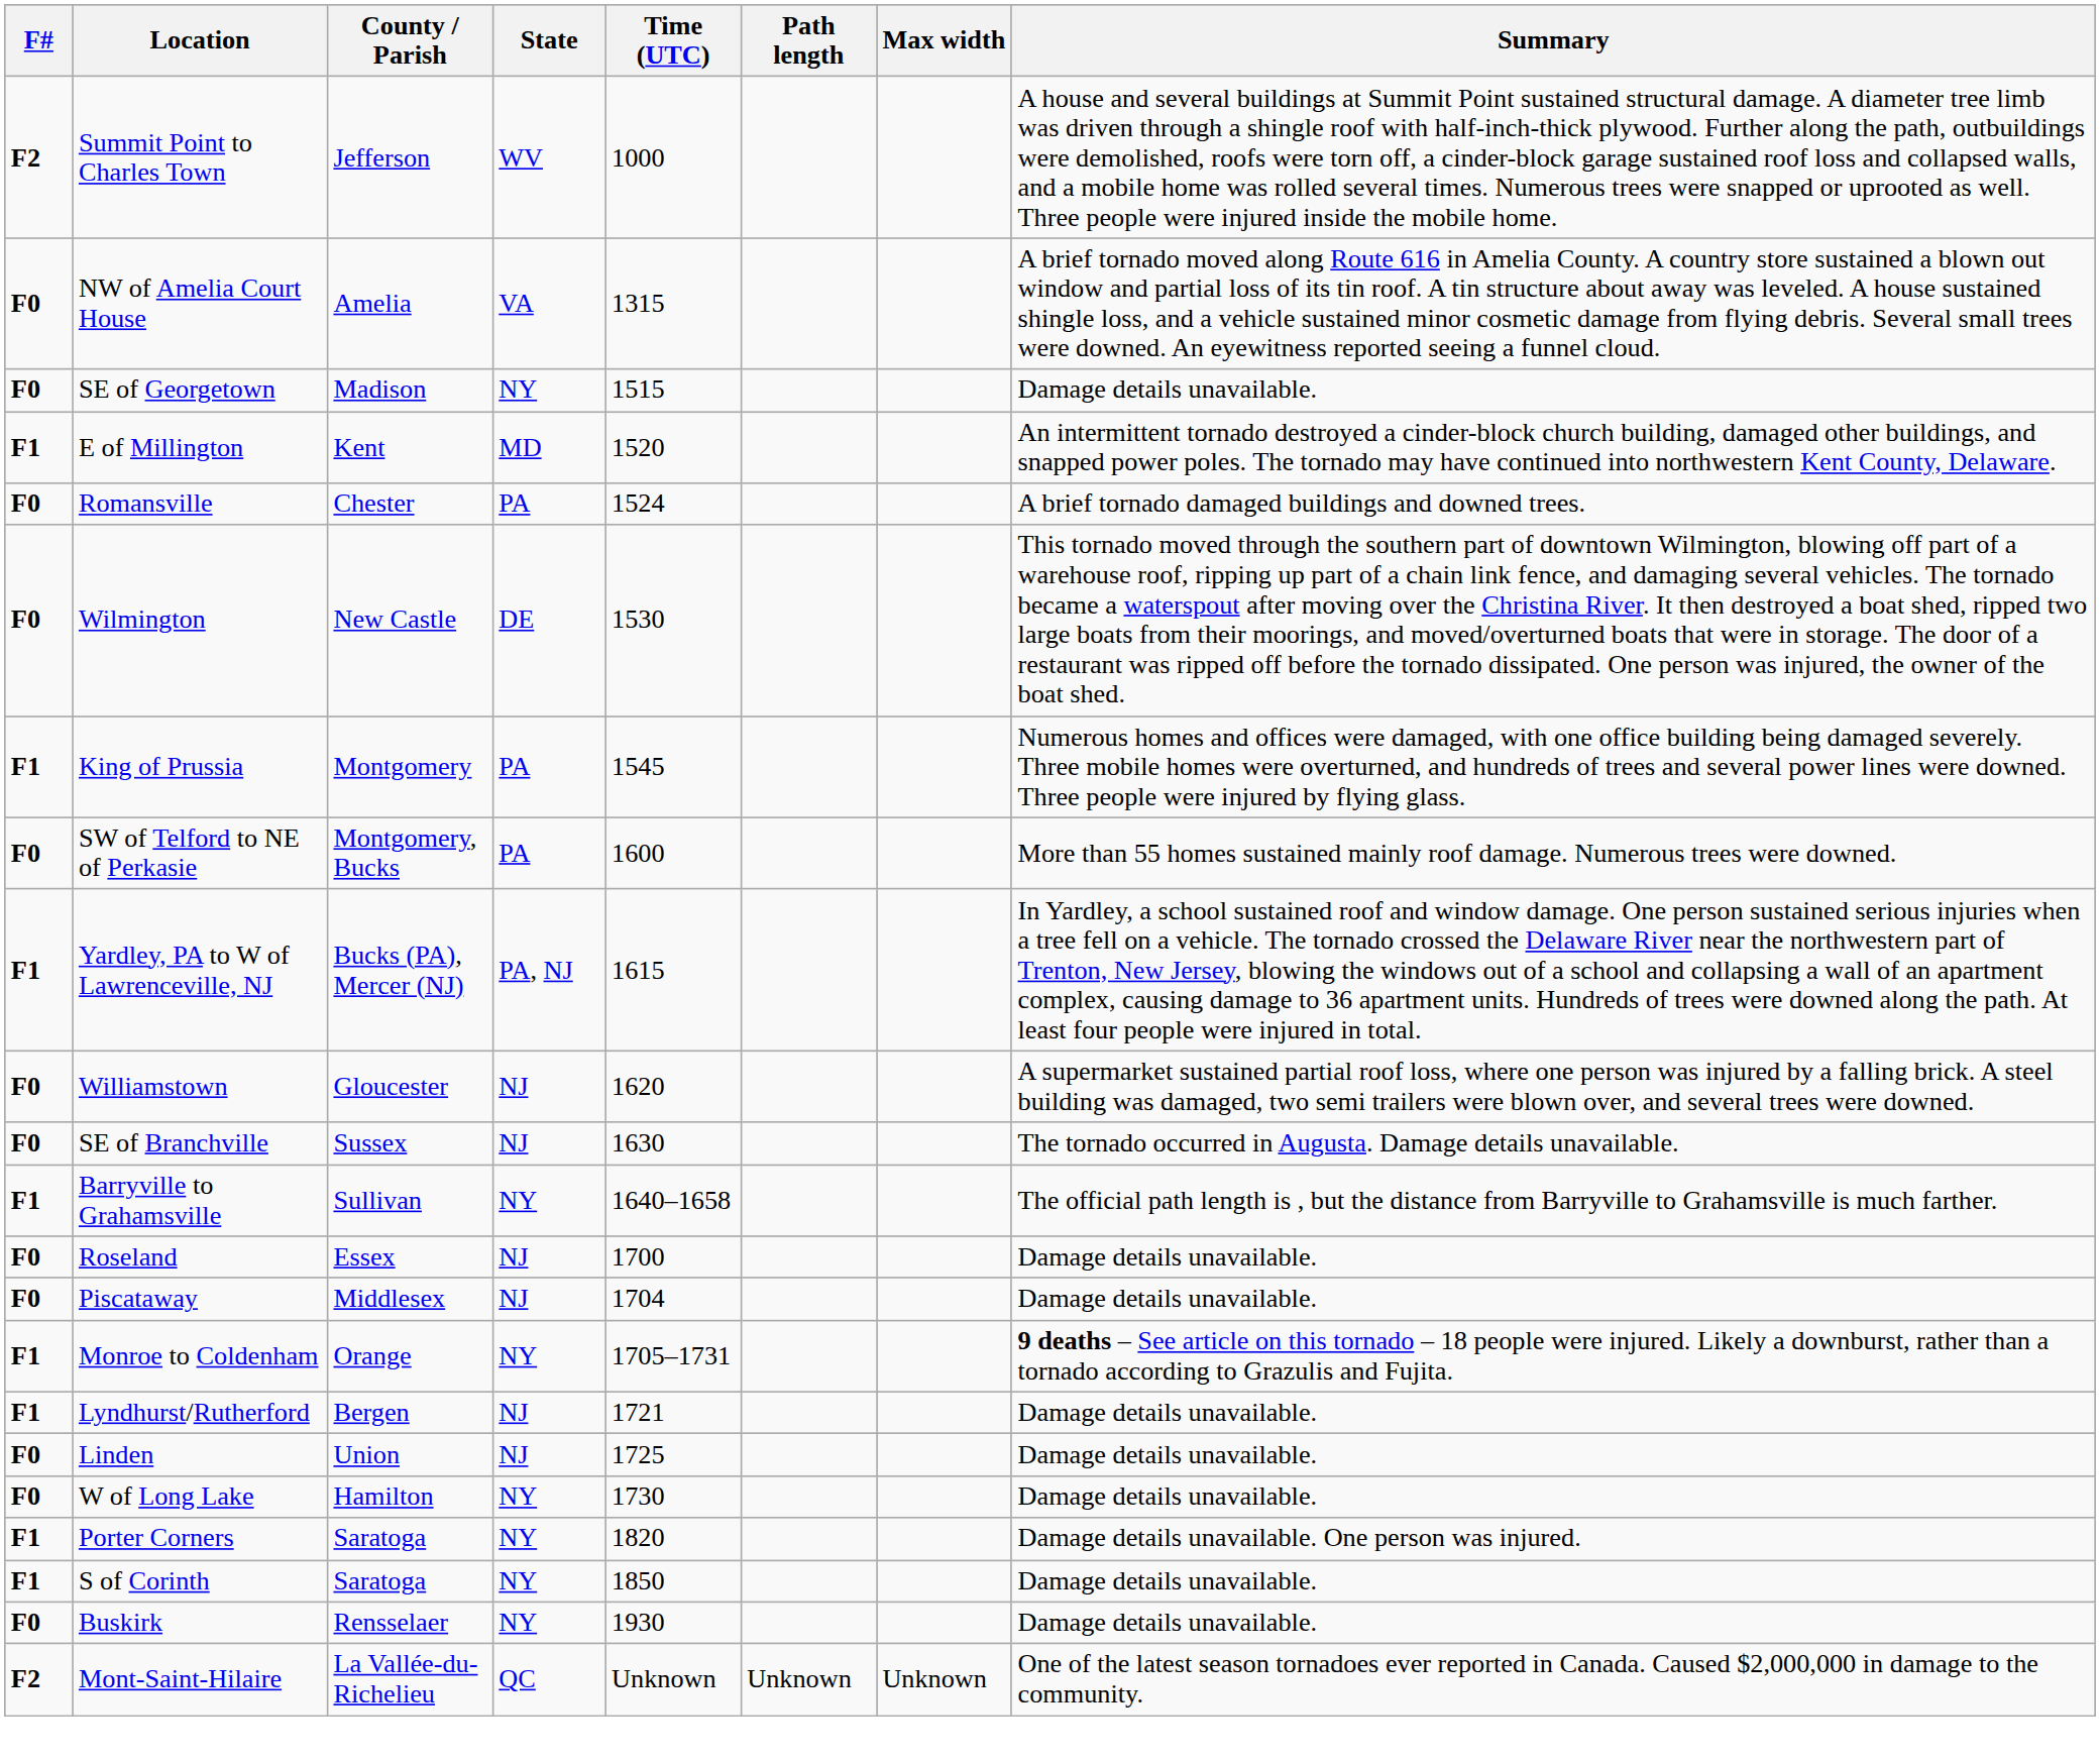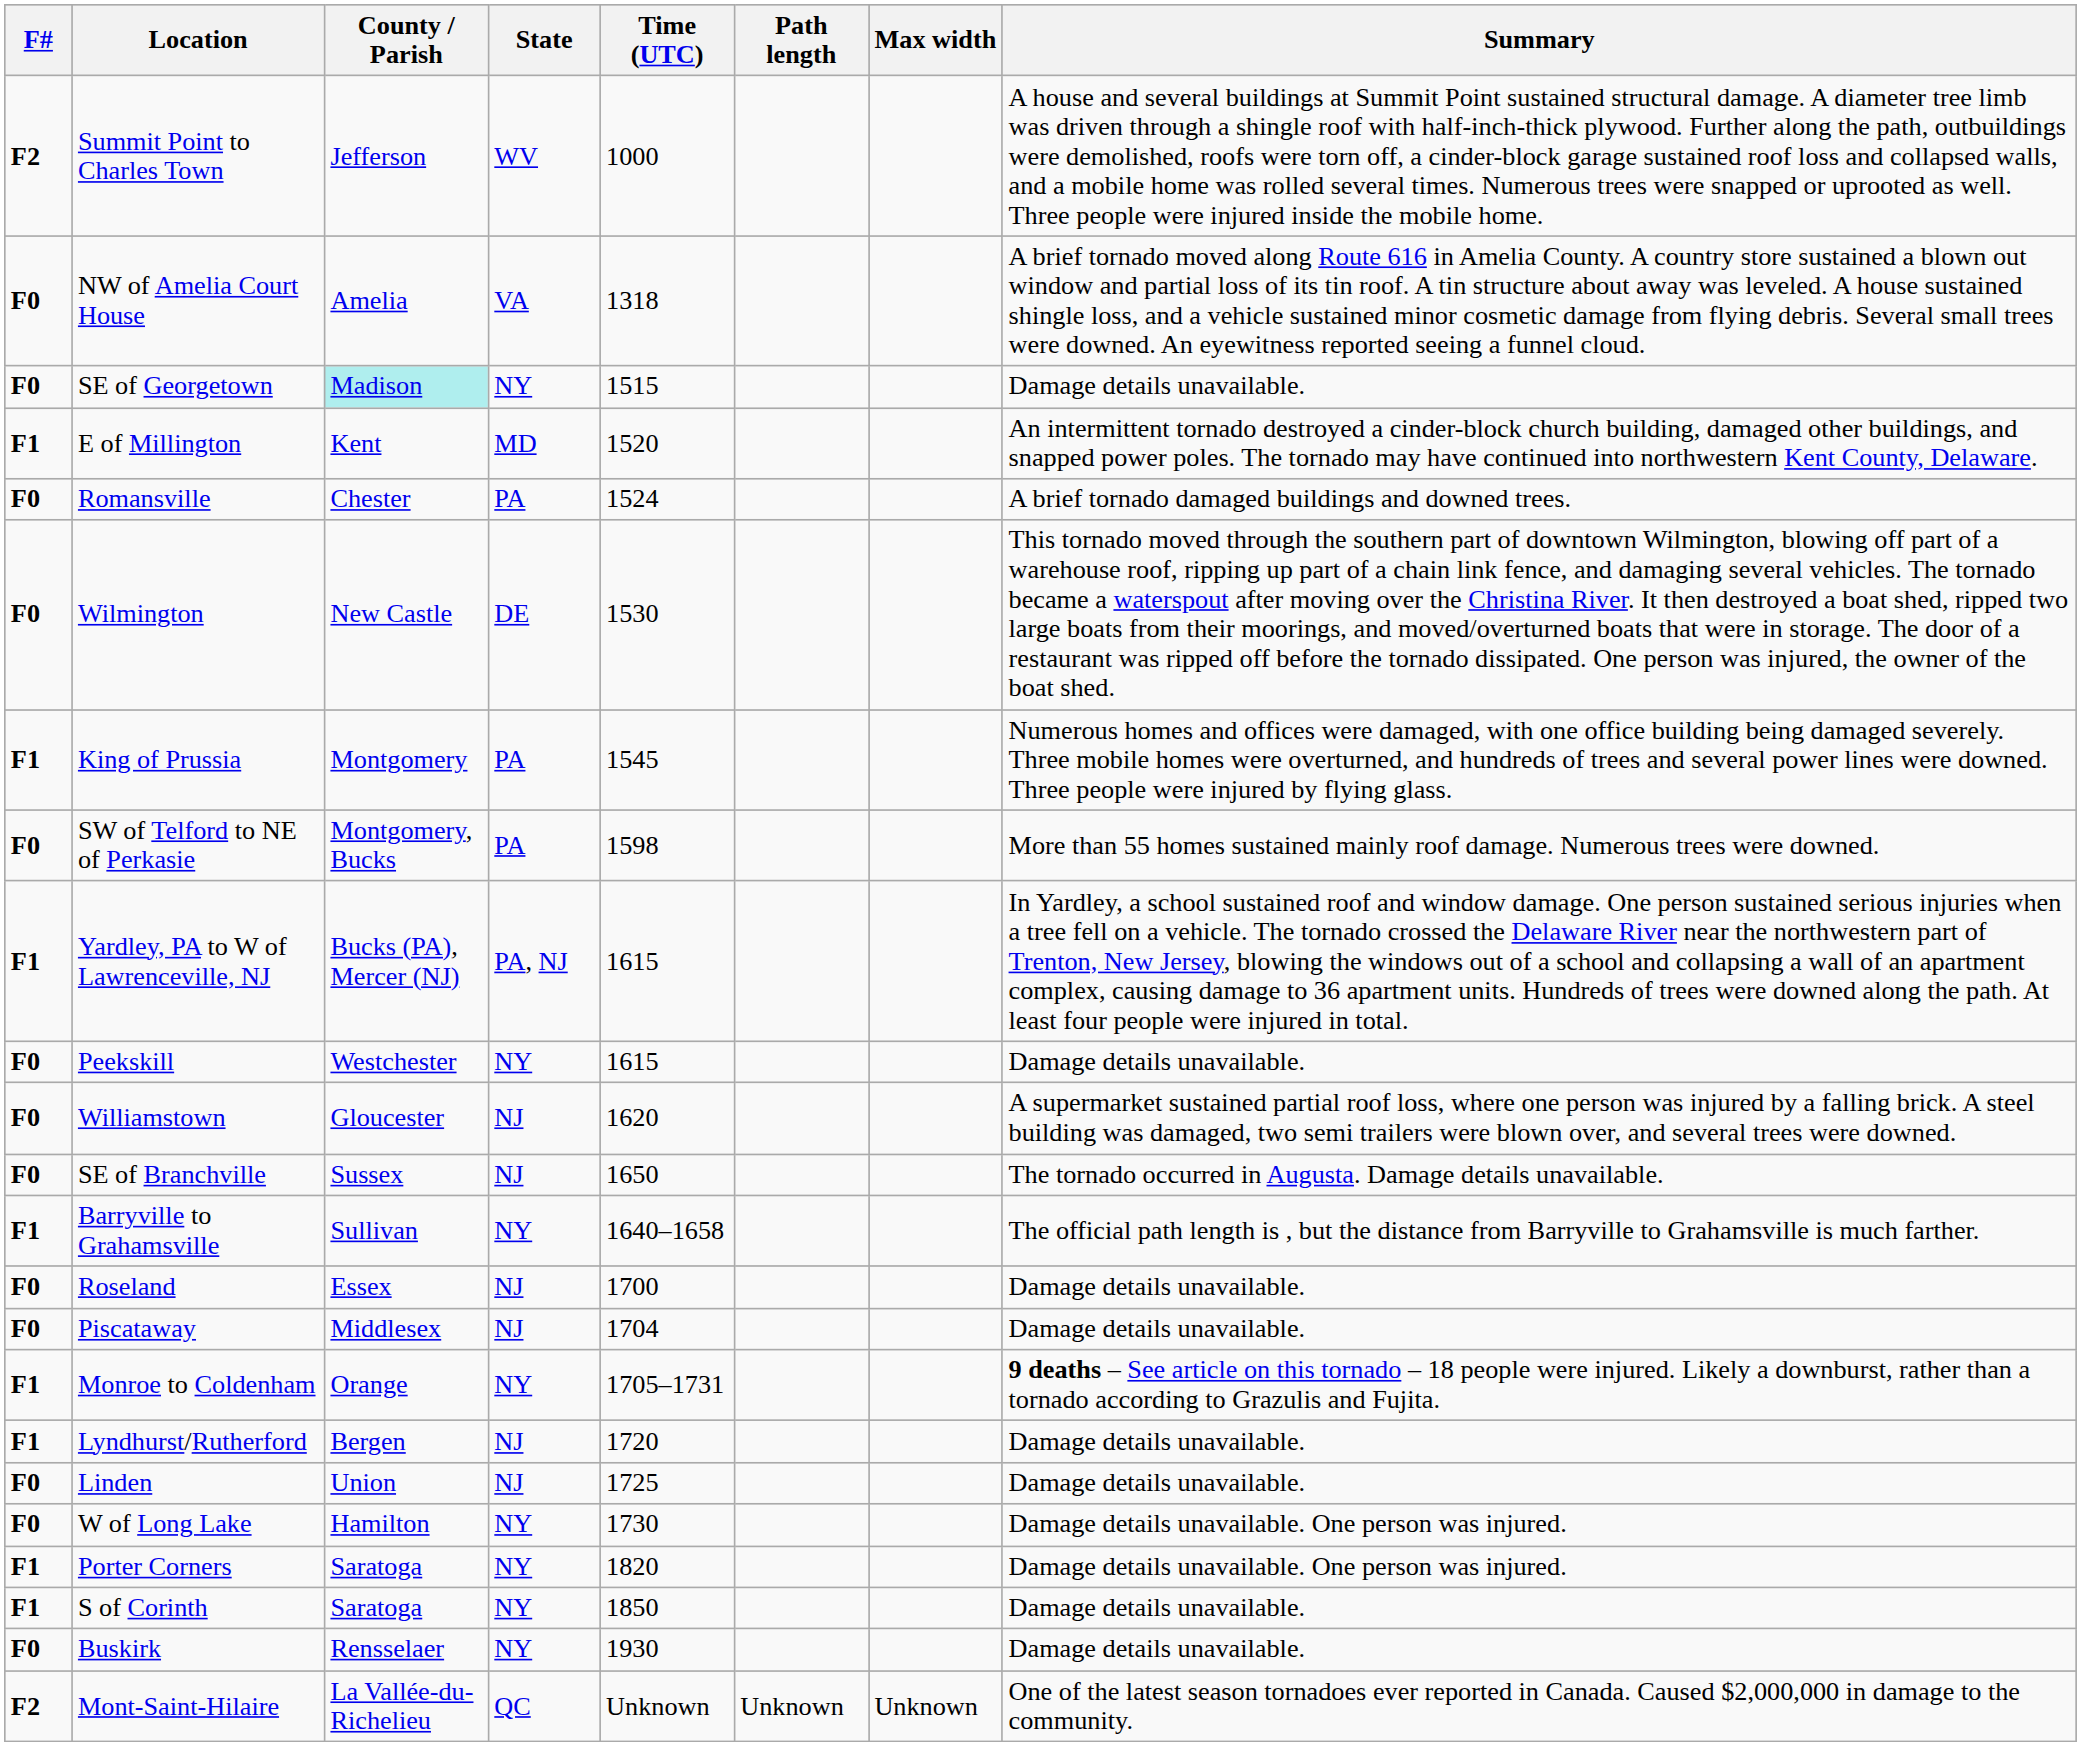 <table class="wikitable sortable" style="width:100%;">
 <tr>
 <th scope="col" width="3%" align="center"><a href='#'>F#</a></th>
 <th scope="col" width="7%" align="center" class="unsortable">Location</th>
 <th scope="col" width="6%" align="center" class="unsortable">County / Parish</th>
 <th scope="col" width="5%" align="center">State</th>
 <th scope="col" width="6%" align="center">Time (<a href='#'>UTC</a>)</th>
 <th scope="col" width="6%" align="center">Path length</th>
 <th scope="col" width="6%" align="center">Max width</th>
 <th scope="col" width="48%" class="unsortable" align="center">Summary</th>
 </tr>
 <tr>
 <td><strong>F2</strong></td>
 <td><a href='#'>Summit Point</a> to <a href='#'>Charles Town</a></td>
 <td><a href='#'>Jefferson</a></td>
 <td><a href='#'>WV</a></td>
 <td>1000</td>
 <td></td>
 <td></td>
 <td>A house and several buildings at Summit Point sustained structural damage. A  diameter tree limb was driven through a shingle roof with half-inch-thick plywood. Further along the path, outbuildings were demolished, roofs were torn off, a cinder-block garage sustained roof loss and collapsed walls, and a mobile home was rolled several times. Numerous trees were snapped or uprooted as well. Three people were injured inside the mobile home.</td>
 </tr>
 <tr>
 <td><strong>F0</strong></td>
 <td>NW of <a href='#'>Amelia Court House</a></td>
 <td><a href='#'>Amelia</a></td>
 <td><a href='#'>VA</a></td>
-<td>1315</td>
+<td>1318</td>
 <td></td>
 <td></td>
 <td>A brief tornado moved along <a href='#'>Route 616</a> in Amelia County. A country store sustained a blown out window and partial loss of its tin roof. A tin structure about  away was leveled. A house sustained shingle loss, and a vehicle sustained minor cosmetic damage from flying debris. Several small trees were downed. An eyewitness reported seeing a funnel cloud.</td>
 </tr>
 <tr>
 <td><strong>F0</strong></td>
 <td>SE of <a href='#'>Georgetown</a></td>
-<td><a href='#'>Madison</a></td>
+<td style="background: paleturquoise;"><a href='#'>Madison</a></td>
 <td><a href='#'>NY</a></td>
 <td>1515</td>
 <td></td>
 <td></td>
 <td>Damage details unavailable.</td>
 </tr>
 <tr>
 <td><strong>F1</strong></td>
 <td>E of <a href='#'>Millington</a></td>
 <td><a href='#'>Kent</a></td>
 <td><a href='#'>MD</a></td>
 <td>1520</td>
 <td></td>
 <td></td>
 <td>An intermittent tornado destroyed a cinder-block church building, damaged other buildings, and snapped power poles. The tornado may have continued into northwestern <a href='#'>Kent County, Delaware</a>.</td>
 </tr>
 <tr>
 <td><strong>F0</strong></td>
 <td><a href='#'>Romansville</a></td>
 <td><a href='#'>Chester</a></td>
 <td><a href='#'>PA</a></td>
 <td>1524</td>
 <td></td>
 <td></td>
 <td>A brief tornado damaged buildings and downed trees.</td>
 </tr>
 <tr>
 <td><strong>F0</strong></td>
 <td><a href='#'>Wilmington</a></td>
 <td><a href='#'>New Castle</a></td>
 <td><a href='#'>DE</a></td>
 <td>1530</td>
 <td></td>
 <td></td>
 <td>This tornado moved through the southern part of downtown Wilmington, blowing off part of a warehouse roof, ripping up part of a chain link fence, and damaging several vehicles. The tornado became a <a href='#'>waterspout</a> after moving over the <a href='#'>Christina River</a>. It then destroyed a  boat shed, ripped two large boats from their moorings, and moved/overturned boats that were in storage. The door of a restaurant was ripped off before the tornado dissipated. One person was injured, the owner of the boat shed.</td>
 </tr>
 <tr>
 <td><strong>F1</strong></td>
 <td><a href='#'>King of Prussia</a></td>
 <td><a href='#'>Montgomery</a></td>
 <td><a href='#'>PA</a></td>
 <td>1545</td>
 <td></td>
 <td></td>
 <td>Numerous homes and offices were damaged, with one office building being damaged severely. Three mobile homes were overturned, and hundreds of trees and several power lines were downed. Three people were injured by flying glass.</td>
 </tr>
 <tr>
 <td><strong>F0</strong></td>
 <td>SW of <a href='#'>Telford</a> to NE of <a href='#'>Perkasie</a></td>
 <td><a href='#'>Montgomery</a>, <a href='#'>Bucks</a></td>
 <td><a href='#'>PA</a></td>
-<td>1600</td>
+<td>1598</td>
 <td></td>
 <td></td>
 <td>More than 55 homes sustained mainly roof damage. Numerous trees were downed.</td>
 </tr>
 <tr>
 <td><strong>F1</strong></td>
 <td><a href='#'>Yardley, PA</a> to W of <a href='#'>Lawrenceville, NJ</a></td>
 <td><a href='#'>Bucks (PA)</a>, <a href='#'>Mercer (NJ)</a></td>
 <td><a href='#'>PA</a>, <a href='#'>NJ</a></td>
 <td>1615</td>
 <td></td>
 <td></td>
 <td>In Yardley, a school sustained roof and window damage. One person sustained serious injuries when a tree fell on a vehicle. The tornado crossed the <a href='#'>Delaware River</a> near the northwestern part of <a href='#'>Trenton, New Jersey</a>, blowing the windows out of a school and collapsing a wall of an apartment complex, causing damage to 36 apartment units. Hundreds of trees were downed along the path. At least four people were injured in total.</td>
 </tr>
 <tr>
 <td><strong>F0</strong></td>
+<td><a href='#'>Peekskill</a></td>
+<td><a href='#'>Westchester</a></td>
+<td><a href='#'>NY</a></td>
+<td>1615</td>
+<td></td>
+<td></td>
+<td>Damage details unavailable.</td>
+</tr>
+<tr>
+<td><strong>F0</strong></td>
 <td><a href='#'>Williamstown</a></td>
 <td><a href='#'>Gloucester</a></td>
 <td><a href='#'>NJ</a></td>
 <td>1620</td>
 <td></td>
 <td></td>
 <td>A supermarket sustained partial roof loss, where one person was injured by a falling brick. A steel building was damaged, two semi trailers were blown over, and several trees were downed.</td>
 </tr>
 <tr>
 <td><strong>F0</strong></td>
 <td>SE of <a href='#'>Branchville</a></td>
 <td><a href='#'>Sussex</a></td>
 <td><a href='#'>NJ</a></td>
-<td>1630</td>
+<td>1650</td>
 <td></td>
 <td></td>
 <td>The tornado occurred in <a href='#'>Augusta</a>. Damage details unavailable.</td>
 </tr>
 <tr>
 <td><strong>F1</strong></td>
 <td><a href='#'>Barryville</a> to <a href='#'>Grahamsville</a></td>
 <td><a href='#'>Sullivan</a></td>
 <td><a href='#'>NY</a></td>
 <td>1640–1658</td>
 <td></td>
 <td></td>
 <td>The official path length is , but the distance from Barryville to Grahamsville is much farther.</td>
 </tr>
 <tr>
 <td><strong>F0</strong></td>
 <td><a href='#'>Roseland</a></td>
 <td><a href='#'>Essex</a></td>
 <td><a href='#'>NJ</a></td>
 <td>1700</td>
 <td></td>
 <td></td>
 <td>Damage details unavailable.</td>
 </tr>
 <tr>
 <td><strong>F0</strong></td>
 <td><a href='#'>Piscataway</a></td>
 <td><a href='#'>Middlesex</a></td>
 <td><a href='#'>NJ</a></td>
 <td>1704</td>
 <td></td>
 <td></td>
 <td>Damage details unavailable.</td>
 </tr>
 <tr>
 <td><strong>F1</strong></td>
 <td><a href='#'>Monroe</a> to <a href='#'>Coldenham</a></td>
 <td><a href='#'>Orange</a></td>
 <td><a href='#'>NY</a></td>
 <td>1705–1731</td>
 <td></td>
 <td></td>
 <td><strong>9 deaths</strong> – <a href='#'>See article on this tornado</a> – 18 people were injured. Likely a downburst, rather than a tornado according to Grazulis and Fujita.</td>
 </tr>
 <tr>
 <td><strong>F1</strong></td>
 <td><a href='#'>Lyndhurst</a>/<a href='#'>Rutherford</a></td>
 <td><a href='#'>Bergen</a></td>
 <td><a href='#'>NJ</a></td>
-<td>1721</td>
+<td>1720</td>
 <td></td>
 <td></td>
 <td>Damage details unavailable.</td>
 </tr>
 <tr>
 <td><strong>F0</strong></td>
 <td><a href='#'>Linden</a></td>
 <td><a href='#'>Union</a></td>
 <td><a href='#'>NJ</a></td>
 <td>1725</td>
 <td></td>
 <td></td>
 <td>Damage details unavailable.</td>
 </tr>
 <tr>
 <td><strong>F0</strong></td>
 <td>W of <a href='#'>Long Lake</a></td>
 <td><a href='#'>Hamilton</a></td>
 <td><a href='#'>NY</a></td>
 <td>1730</td>
 <td></td>
 <td></td>
-<td>Damage details unavailable.</td>
+<td>Damage details unavailable. One person was injured.</td>
 </tr>
 <tr>
 <td><strong>F1</strong></td>
 <td><a href='#'>Porter Corners</a></td>
 <td><a href='#'>Saratoga</a></td>
 <td><a href='#'>NY</a></td>
 <td>1820</td>
 <td></td>
 <td></td>
 <td>Damage details unavailable. One person was injured.</td>
 </tr>
 <tr>
 <td><strong>F1</strong></td>
 <td>S of <a href='#'>Corinth</a></td>
 <td><a href='#'>Saratoga</a></td>
 <td><a href='#'>NY</a></td>
 <td>1850</td>
 <td></td>
 <td></td>
 <td>Damage details unavailable.</td>
 </tr>
 <tr>
 <td><strong>F0</strong></td>
 <td><a href='#'>Buskirk</a></td>
 <td><a href='#'>Rensselaer</a></td>
 <td><a href='#'>NY</a></td>
 <td>1930</td>
 <td></td>
 <td></td>
 <td>Damage details unavailable.</td>
 </tr>
 <tr>
 <td><strong>F2</strong></td>
 <td><a href='#'>Mont-Saint-Hilaire</a></td>
 <td><a href='#'>La Vallée-du-Richelieu</a></td>
 <td><a href='#'>QC</a></td>
 <td>Unknown</td>
 <td>Unknown</td>
 <td>Unknown</td>
 <td>One of the latest season tornadoes ever reported in Canada. Caused $2,000,000 in damage to the community.</td>
 </tr>
 <tr>
 </tr>
 </table>
